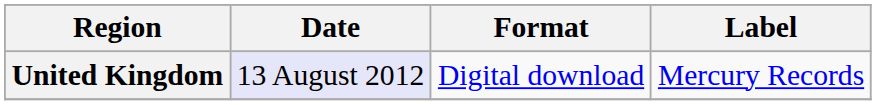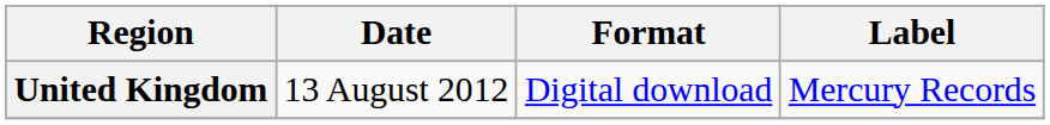 <table class="wikitable plainrowheaders">
 <tr>
 <th>Region</th>
 <th>Date</th>
 <th>Format</th>
 <th>Label</th>
 </tr>
 <tr>
 <th scope="row">United Kingdom</th>
-<td style="background: lavender;">13 August 2012</td>
+<td>13 August 2012</td>
 <td><a href='#'>Digital download</a></td>
 <td><a href='#'>Mercury Records</a></td>
 </tr>
 <tr>
 </tr>
 </table>
